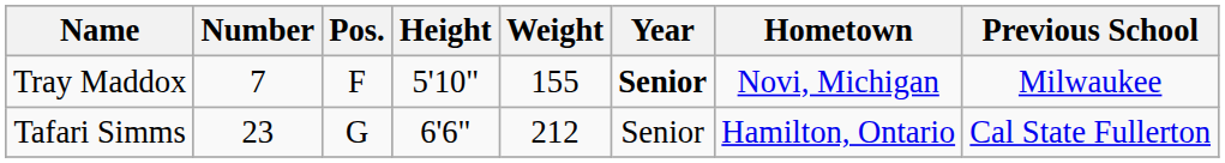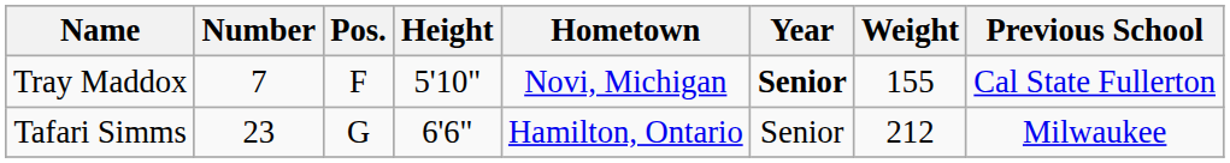 <table class="wikitable sortable sortable" style="text-align: center">
 <tr align=center>
 <th>Name</th>
 <th>Number</th>
 <th>Pos.</th>
 <th>Height</th>
+<th>Hometown</th>
+<th>Year</th>
 <th>Weight</th>
-<th>Year</th>
-<th>Hometown</th>
 <th>Previous School</th>
 </tr>
 <tr>
 <td>Tray Maddox</td>
 <td>7</td>
 <td>F</td>
 <td>5'10"</td>
+<td><a href='#'>Novi, Michigan</a></td>
+<td><strong>Senior</strong></td>
 <td>155</td>
-<td><strong>Senior</strong></td>
-<td><a href='#'>Novi, Michigan</a></td>
-<td><a href='#'>Milwaukee</a></td>
+<td><a href='#'>Cal State Fullerton</a></td>
 </tr>
 <tr>
 <td>Tafari Simms</td>
 <td>23</td>
 <td>G</td>
 <td>6'6"</td>
+<td><a href='#'>Hamilton, Ontario</a></td>
+<td>Senior</td>
 <td>212</td>
-<td>Senior</td>
-<td><a href='#'>Hamilton, Ontario</a></td>
-<td><a href='#'>Cal State Fullerton</a></td>
+<td><a href='#'>Milwaukee</a></td>
 </tr>
 </table>
